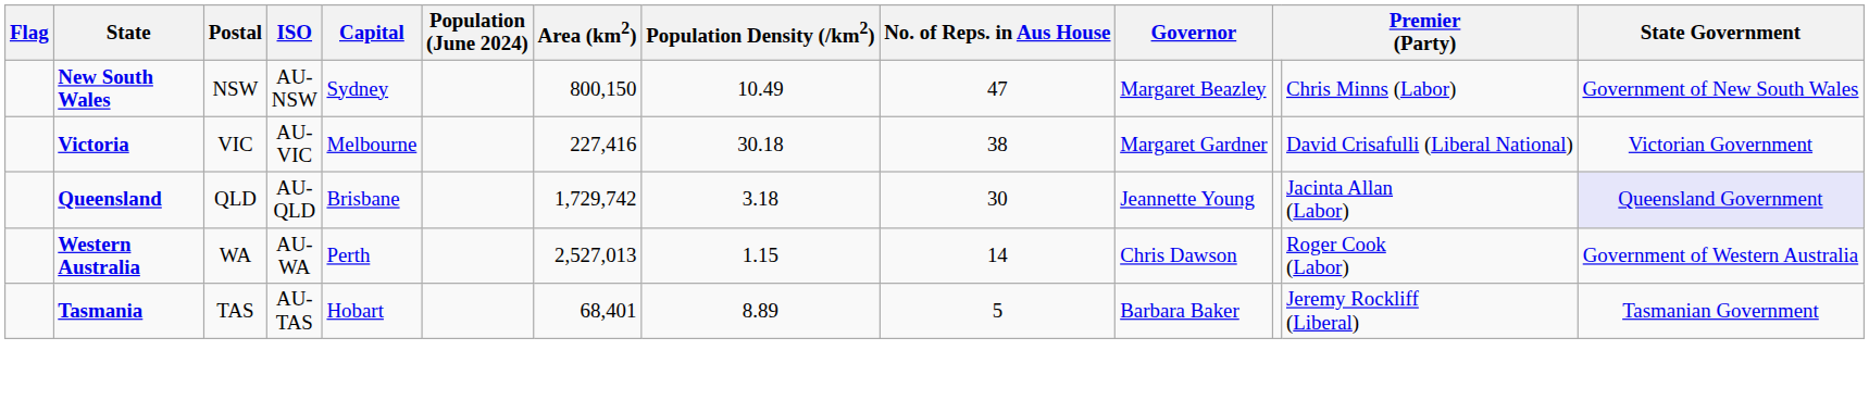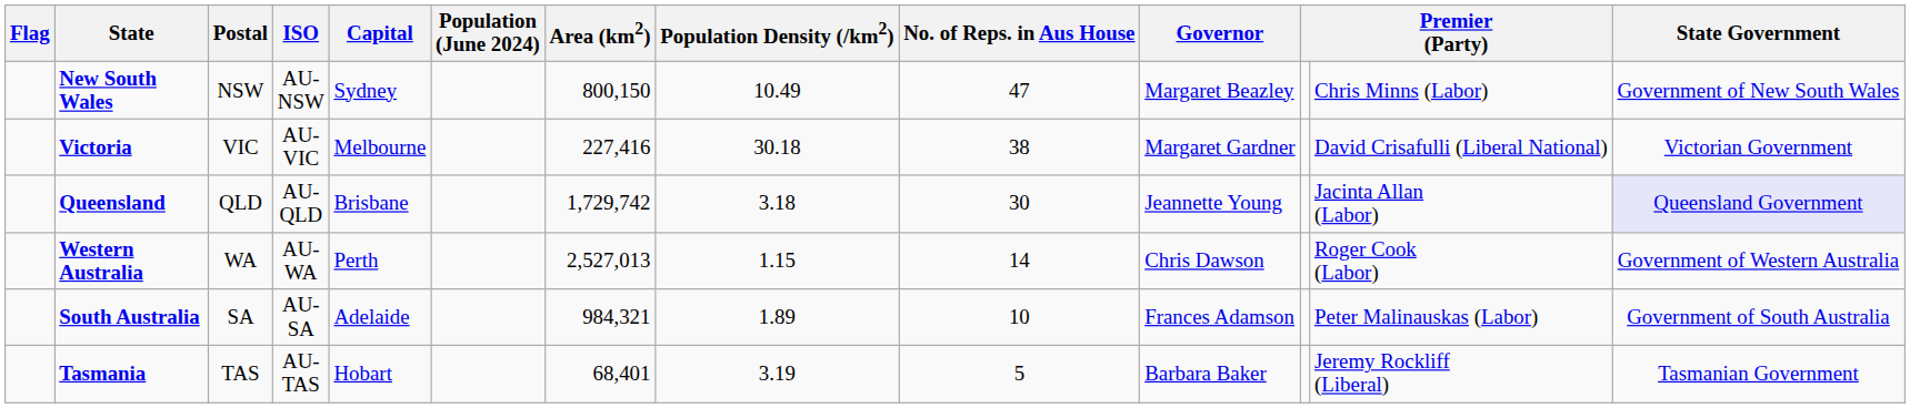 <table class="wikitable sortable" style="text-align:center">
 <tr>
 <th class="unsortable"><a href='#'>Flag</a></th>
 <th scope="col" width="110">State</th>
 <th scope="col" width="030">Postal</th>
 <th scope="col" width="030"><a href='#'>ISO</a></th>
 <th><a href='#'>Capital</a></th>
 <th>Population<br>(June 2024)</th>
 <th>Area (km<sup>2</sup>)</th>
 <th>Population Density (/km<sup>2</sup>)</th>
 <th>No. of Reps. in <a href='#'>Aus House</a></th>
 <th><a href='#'>Governor</a></th>
 <th colspan="2"><a href='#'>Premier</a><br>(Party)</th>
 <th>State Government</th>
 </tr>
 <tr style="text-align:center">
 <td></td>
 <td style="text-align:left"><strong><a href='#'>New South Wales</a></strong></td>
 <td>NSW</td>
 <td>AU-NSW</td>
 <td style="text-align:left"><a href='#'>Sydney</a></td>
 <td style="text-align:right"></td>
 <td style="text-align:right">800,150</td>
 <td>10.49</td>
 <td>47</td>
 <td style="text-align:left"><a href='#'>Margaret Beazley</a></td>
 <td style="background-color: "></td>
 <td style="text-align:left"><a href='#'>Chris Minns</a> (<a href='#'>Labor</a>)</td>
 <td><a href='#'>Government of New South Wales</a></td>
 </tr>
 <tr style="text-align:center">
 <td></td>
 <td style="text-align:left"><strong><a href='#'>Victoria</a></strong></td>
 <td>VIC</td>
 <td>AU-VIC</td>
 <td style="text-align:left"><a href='#'>Melbourne</a></td>
 <td style="text-align:right"></td>
 <td style="text-align:right">227,416</td>
 <td>30.18</td>
 <td>38</td>
 <td style="text-align:left"><a href='#'>Margaret Gardner</a></td>
 <td style="background-color: "></td>
 <td style="text-align:left"><a href='#'>David Crisafulli</a> (<a href='#'>Liberal National</a>)</td>
 <td><a href='#'>Victorian Government</a></td>
 </tr>
 <tr style="text-align:center">
 <td></td>
 <td style="text-align:left"><strong><a href='#'>Queensland</a></strong></td>
 <td>QLD</td>
 <td>AU-QLD</td>
 <td style="text-align:left"><a href='#'>Brisbane</a></td>
 <td style="text-align:right"></td>
 <td style="text-align:right">1,729,742</td>
 <td>3.18</td>
 <td>30</td>
 <td style="text-align:left"><a href='#'>Jeannette Young</a></td>
 <td style="background-color: "></td>
 <td style="text-align:left"><a href='#'>Jacinta Allan</a><br>(<a href='#'>Labor</a>)</td>
 <td style="background: lavender;"><a href='#'>Queensland Government</a></td>
 </tr>
 <tr style="text-align:center">
 <td></td>
 <td style="text-align:left"><strong><a href='#'>Western Australia</a></strong></td>
 <td>WA</td>
 <td>AU-WA</td>
 <td style="text-align:left"><a href='#'>Perth</a></td>
 <td style="text-align:right"></td>
 <td style="text-align:right">2,527,013</td>
 <td>1.15</td>
 <td>14</td>
 <td style="text-align:left"><a href='#'>Chris Dawson</a></td>
 <td style="background-color: "></td>
 <td style="text-align:left"><a href='#'>Roger Cook</a><br>(<a href='#'>Labor</a>)</td>
 <td><a href='#'>Government of Western Australia</a></td>
 </tr>
 <tr style="text-align:center">
 <td></td>
+<td style="text-align:left"><strong><a href='#'>South Australia</a></strong></td>
+<td>SA</td>
+<td>AU-SA</td>
+<td style="text-align:left"><a href='#'>Adelaide</a></td>
+<td style="text-align:right"></td>
+<td style="text-align:right">984,321</td>
+<td>1.89</td>
+<td>10</td>
+<td style="text-align:left"><a href='#'>Frances Adamson</a></td>
+<td style="background-color: "></td>
+<td style="text-align:left"><a href='#'>Peter Malinauskas</a> (<a href='#'>Labor</a>)</td>
+<td><a href='#'>Government of South Australia</a></td>
+</tr>
+<tr style="text-align:center">
+<td></td>
 <td style="text-align:left"><strong><a href='#'>Tasmania</a></strong></td>
 <td>TAS</td>
 <td>AU-TAS</td>
 <td style="text-align:left"><a href='#'>Hobart</a></td>
 <td style="text-align:right"></td>
 <td style="text-align:right">68,401</td>
-<td>8.89</td>
+<td>3.19</td>
 <td>5</td>
 <td style="text-align:left"><a href='#'>Barbara Baker</a></td>
 <td style="background-color: "></td>
 <td style="text-align:left"><a href='#'>Jeremy Rockliff</a><br>(<a href='#'>Liberal</a>)</td>
 <td><a href='#'>Tasmanian Government</a></td>
 </tr>
 </table>
